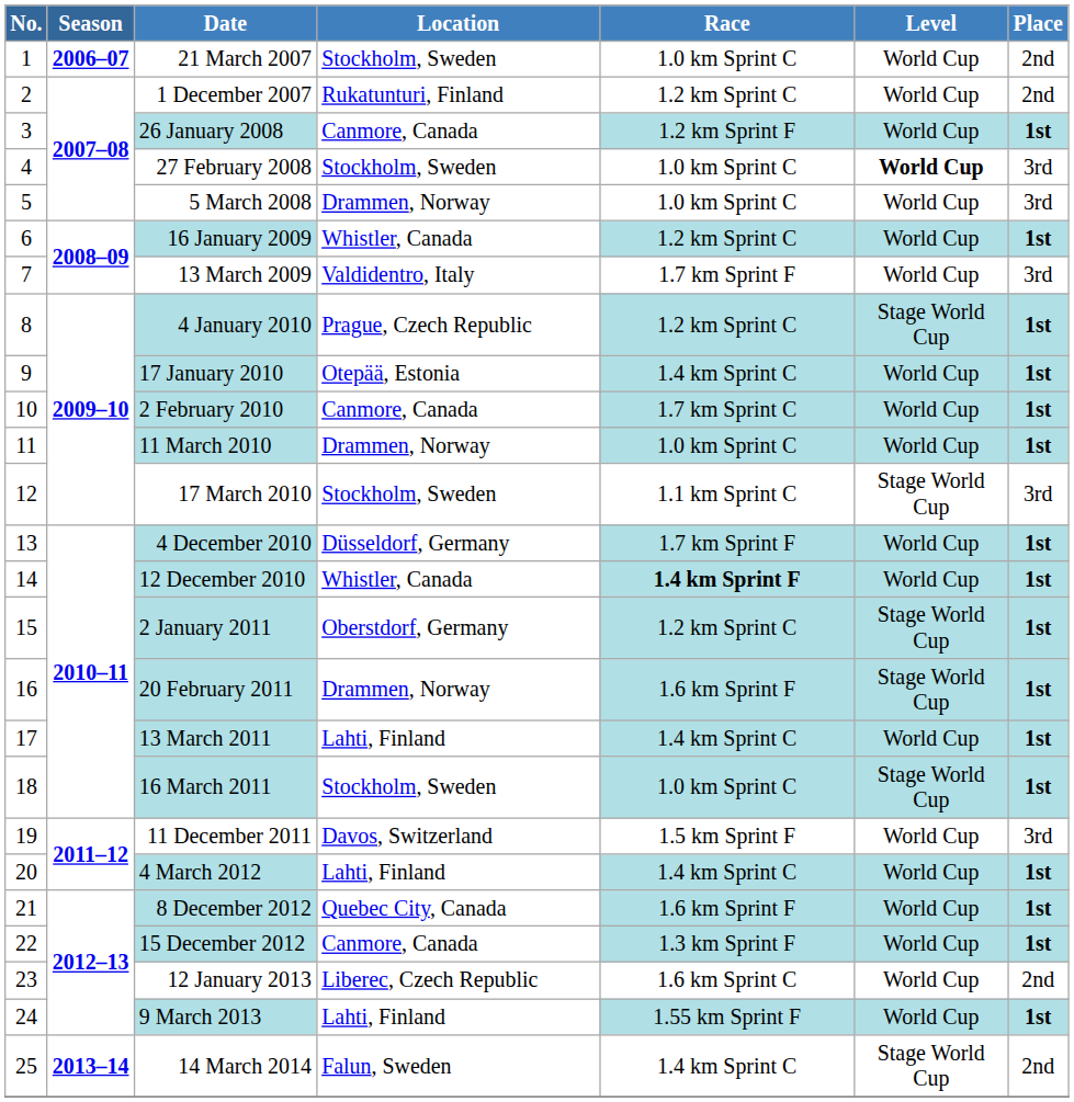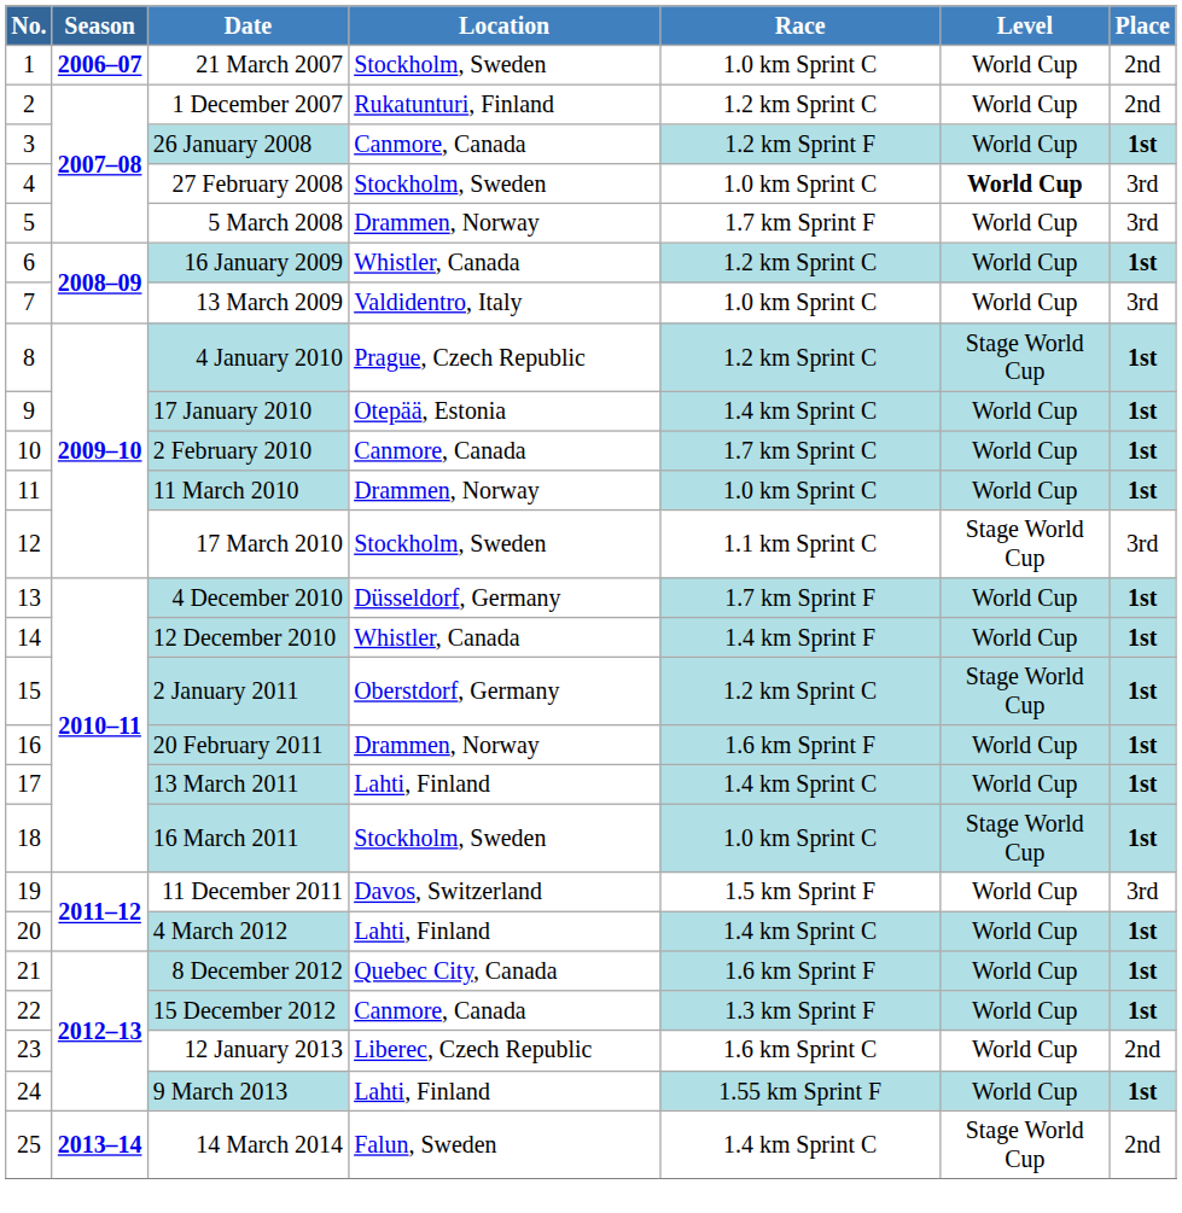 <table class="wikitable sortable" style="font-size:95%; text-align:center; border:grey solid 1px; border-collapse:collapse; background:#ffffff;">
 <tr style="background:#efefef;">
 <th style="background-color:#369; color:white;">No.</th>
 <th style="background-color:#369; color:white;">Season</th>
 <th style="background-color:#4180be; color:white; width:120px;">Date</th>
 <th style="background-color:#4180be; color:white; width:190px;">Location</th>
 <th style="background-color:#4180be; color:white; width:170px;">Race</th>
 <th style="background-color:#4180be; color:white; width:100px;">Level</th>
 <th style="background-color:#4180be; color:white;">Place</th>
 </tr>
 <tr>
 <td align=center>1</td>
 <td rowspan=1 align=center><strong><a href='#'>2006–07</a></strong></td>
 <td align=right>21 March 2007</td>
 <td align=left> <a href='#'>Stockholm</a>, Sweden</td>
 <td>1.0 km Sprint C</td>
 <td>World Cup</td>
 <td>2nd</td>
 </tr>
 <tr>
 <td align=center>2</td>
 <td rowspan=4 align=center><strong><a href='#'>2007–08</a></strong></td>
 <td align=right>1 December 2007</td>
 <td align=left>  <a href='#'>Rukatunturi</a>, Finland</td>
 <td>1.2 km Sprint C</td>
 <td>World Cup</td>
 <td>2nd</td>
 </tr>
 <tr>
 <td align=center>3</td>
 <td align=left bgcolor="#BOEOE6" align=right>26 January 2008</td>
 <td align=left> <a href='#'>Canmore</a>, Canada</td>
 <td bgcolor="#BOEOE6" align=center>1.2 km Sprint F</td>
 <td bgcolor="#BOEOE6">World Cup</td>
 <td bgcolor="#BOEOE6"><strong>1st</strong></td>
 </tr>
 <tr>
 <td align=center>4</td>
 <td align=right>27 February 2008</td>
 <td align=left> <a href='#'>Stockholm</a>, Sweden</td>
 <td>1.0 km Sprint C</td>
 <td><strong>World Cup</strong></td>
 <td>3rd</td>
 </tr>
 <tr>
 <td align=center>5</td>
 <td align=right>5 March 2008</td>
 <td align=left> <a href='#'>Drammen</a>, Norway</td>
-<td>1.0 km Sprint C</td>
+<td>1.7 km Sprint F</td>
 <td>World Cup</td>
 <td>3rd</td>
 </tr>
 <tr>
 <td align=center>6</td>
 <td rowspan=2 align=center><strong><a href='#'>2008–09</a></strong></td>
 <td bgcolor="#BOEOE6" align=right>16 January 2009</td>
 <td align=left> <a href='#'>Whistler</a>, Canada</td>
 <td bgcolor="#BOEOE6">1.2 km Sprint C</td>
 <td bgcolor="#BOEOE6">World Cup</td>
 <td bgcolor="#BOEOE6"><strong>1st</strong></td>
 </tr>
 <tr>
 <td align=center>7</td>
 <td align=right>13 March 2009</td>
 <td align=left> <a href='#'>Valdidentro</a>, Italy</td>
-<td>1.7 km Sprint F</td>
+<td>1.0 km Sprint C</td>
 <td>World Cup</td>
 <td>3rd</td>
 </tr>
 <tr>
 <td align=center>8</td>
 <td rowspan=5 align=center><strong><a href='#'>2009–10</a></strong></td>
 <td bgcolor="#BOEOE6" align=right>4 January 2010</td>
 <td align=left> <a href='#'>Prague</a>, Czech Republic</td>
 <td bgcolor="#BOEOE6">1.2 km Sprint C</td>
 <td bgcolor="#BOEOE6">Stage World Cup</td>
 <td bgcolor="#BOEOE6"><strong>1st</strong></td>
 </tr>
 <tr>
 <td align=center>9</td>
 <td align=left bgcolor="#BOEOE6" align=right>17 January 2010</td>
 <td align=left> <a href='#'>Otepää</a>, Estonia</td>
 <td bgcolor="#BOEOE6" align=center>1.4 km Sprint C</td>
 <td bgcolor="#BOEOE6">World Cup</td>
 <td bgcolor="#BOEOE6"><strong>1st</strong></td>
 </tr>
 <tr>
 <td align=center>10</td>
 <td align=left bgcolor="#BOEOE6" align=right>2 February 2010</td>
 <td align=left> <a href='#'>Canmore</a>, Canada</td>
 <td bgcolor="#BOEOE6" align=center>1.7 km Sprint C</td>
 <td bgcolor="#BOEOE6">World Cup</td>
 <td bgcolor="#BOEOE6"><strong>1st</strong></td>
 </tr>
 <tr>
 <td align=center>11</td>
 <td align=left bgcolor="#BOEOE6" align=right>11 March 2010</td>
 <td align=left> <a href='#'>Drammen</a>, Norway</td>
 <td bgcolor="#BOEOE6" align=center>1.0 km Sprint C</td>
 <td bgcolor="#BOEOE6">World Cup</td>
 <td bgcolor="#BOEOE6"><strong>1st</strong></td>
 </tr>
 <tr>
 <td align=center>12</td>
 <td align=right>17 March 2010</td>
 <td align=left> <a href='#'>Stockholm</a>, Sweden</td>
 <td>1.1 km Sprint C</td>
 <td>Stage World Cup</td>
 <td>3rd</td>
 </tr>
 <tr>
 <td align=center>13</td>
 <td rowspan=6 align=center><strong><a href='#'>2010–11</a></strong></td>
 <td bgcolor="#BOEOE6" align=right>4 December 2010</td>
 <td align=left> <a href='#'>Düsseldorf</a>, Germany</td>
 <td bgcolor="#BOEOE6">1.7 km Sprint F</td>
 <td bgcolor="#BOEOE6">World Cup</td>
 <td bgcolor="#BOEOE6"><strong>1st</strong></td>
 </tr>
 <tr>
 <td align=center>14</td>
 <td align=left bgcolor="#BOEOE6" align=right>12 December 2010</td>
 <td align=left> <a href='#'>Whistler</a>, Canada</td>
-<td bgcolor="#BOEOE6" align=center><strong>1.4 km Sprint F</strong></td>
+<td bgcolor="#BOEOE6" align=center>1.4 km Sprint F</td>
 <td bgcolor="#BOEOE6">World Cup</td>
 <td bgcolor="#BOEOE6"><strong>1st</strong></td>
 </tr>
 <tr>
 <td align=center>15</td>
 <td align=left bgcolor="#BOEOE6" align=right>2 January 2011</td>
 <td align=left> <a href='#'>Oberstdorf</a>, Germany</td>
 <td bgcolor="#BOEOE6" align=center>1.2 km Sprint C</td>
 <td bgcolor="#BOEOE6">Stage World Cup</td>
 <td bgcolor="#BOEOE6"><strong>1st</strong></td>
 </tr>
 <tr>
 <td align=center>16</td>
 <td align=left bgcolor="#BOEOE6" align=right>20 February 2011</td>
 <td align=left> <a href='#'>Drammen</a>, Norway</td>
 <td bgcolor="#BOEOE6" align=center>1.6 km Sprint F</td>
-<td bgcolor="#BOEOE6">Stage World Cup</td>
+<td bgcolor="#BOEOE6">World Cup</td>
 <td bgcolor="#BOEOE6"><strong>1st</strong></td>
 </tr>
 <tr>
 <td align=center>17</td>
 <td align=left bgcolor="#BOEOE6" align=right>13 March 2011</td>
 <td align=left> <a href='#'>Lahti</a>, Finland</td>
 <td bgcolor="#BOEOE6" align=center>1.4 km Sprint C</td>
 <td bgcolor="#BOEOE6">World Cup</td>
 <td bgcolor="#BOEOE6"><strong>1st</strong></td>
 </tr>
 <tr>
 <td align=center>18</td>
 <td align=left bgcolor="#BOEOE6" align=right>16 March 2011</td>
 <td align=left> <a href='#'>Stockholm</a>, Sweden</td>
 <td bgcolor="#BOEOE6" align=center>1.0 km Sprint C</td>
 <td bgcolor="#BOEOE6">Stage World Cup</td>
 <td bgcolor="#BOEOE6"><strong>1st</strong></td>
 </tr>
 <tr>
 <td align=center>19</td>
 <td rowspan=2 align=center><strong><a href='#'>2011–12</a></strong></td>
 <td align=right>11 December 2011</td>
 <td align=left> <a href='#'>Davos</a>, Switzerland</td>
 <td>1.5 km Sprint F</td>
 <td>World Cup</td>
 <td>3rd</td>
 </tr>
 <tr>
 <td align=center>20</td>
 <td align=left bgcolor="#BOEOE6" align=right>4 March 2012</td>
 <td align=left> <a href='#'>Lahti</a>, Finland</td>
 <td bgcolor="#BOEOE6" align=center>1.4 km Sprint C</td>
 <td bgcolor="#BOEOE6">World Cup</td>
 <td bgcolor="#BOEOE6"><strong>1st</strong></td>
 </tr>
 <tr>
 <td align=center>21</td>
 <td rowspan=4 align=center><strong><a href='#'>2012–13</a></strong></td>
 <td bgcolor="#BOEOE6" align=right>8 December 2012</td>
 <td align=left> <a href='#'>Quebec City</a>, Canada</td>
 <td bgcolor="#BOEOE6">1.6 km Sprint F</td>
 <td bgcolor="#BOEOE6">World Cup</td>
 <td bgcolor="#BOEOE6"><strong>1st</strong></td>
 </tr>
 <tr>
 <td align=center>22</td>
 <td align=left bgcolor="#BOEOE6" align=right>15 December 2012</td>
 <td align=left> <a href='#'>Canmore</a>, Canada</td>
 <td bgcolor="#BOEOE6" align=center>1.3 km Sprint F</td>
 <td bgcolor="#BOEOE6">World Cup</td>
 <td bgcolor="#BOEOE6"><strong>1st</strong></td>
 </tr>
 <tr>
 <td align=center>23</td>
 <td align=right>12 January 2013</td>
 <td align=left> <a href='#'>Liberec</a>, Czech Republic</td>
 <td>1.6 km Sprint C</td>
 <td>World Cup</td>
 <td>2nd</td>
 </tr>
 <tr>
 <td align=center>24</td>
 <td align=left bgcolor="#BOEOE6" align=right>9 March 2013</td>
 <td align=left> <a href='#'>Lahti</a>, Finland</td>
 <td bgcolor="#BOEOE6" align=center>1.55 km Sprint F</td>
 <td bgcolor="#BOEOE6">World Cup</td>
 <td bgcolor="#BOEOE6"><strong>1st</strong></td>
 </tr>
 <tr>
 <td align=center>25</td>
 <td rowspan=1 align=center><strong><a href='#'>2013–14</a></strong></td>
 <td align=right>14 March 2014</td>
 <td align=left> <a href='#'>Falun</a>, Sweden</td>
 <td>1.4 km Sprint C</td>
 <td>Stage World Cup</td>
 <td>2nd</td>
 </tr>
 <tr>
 </tr>
 </table>
